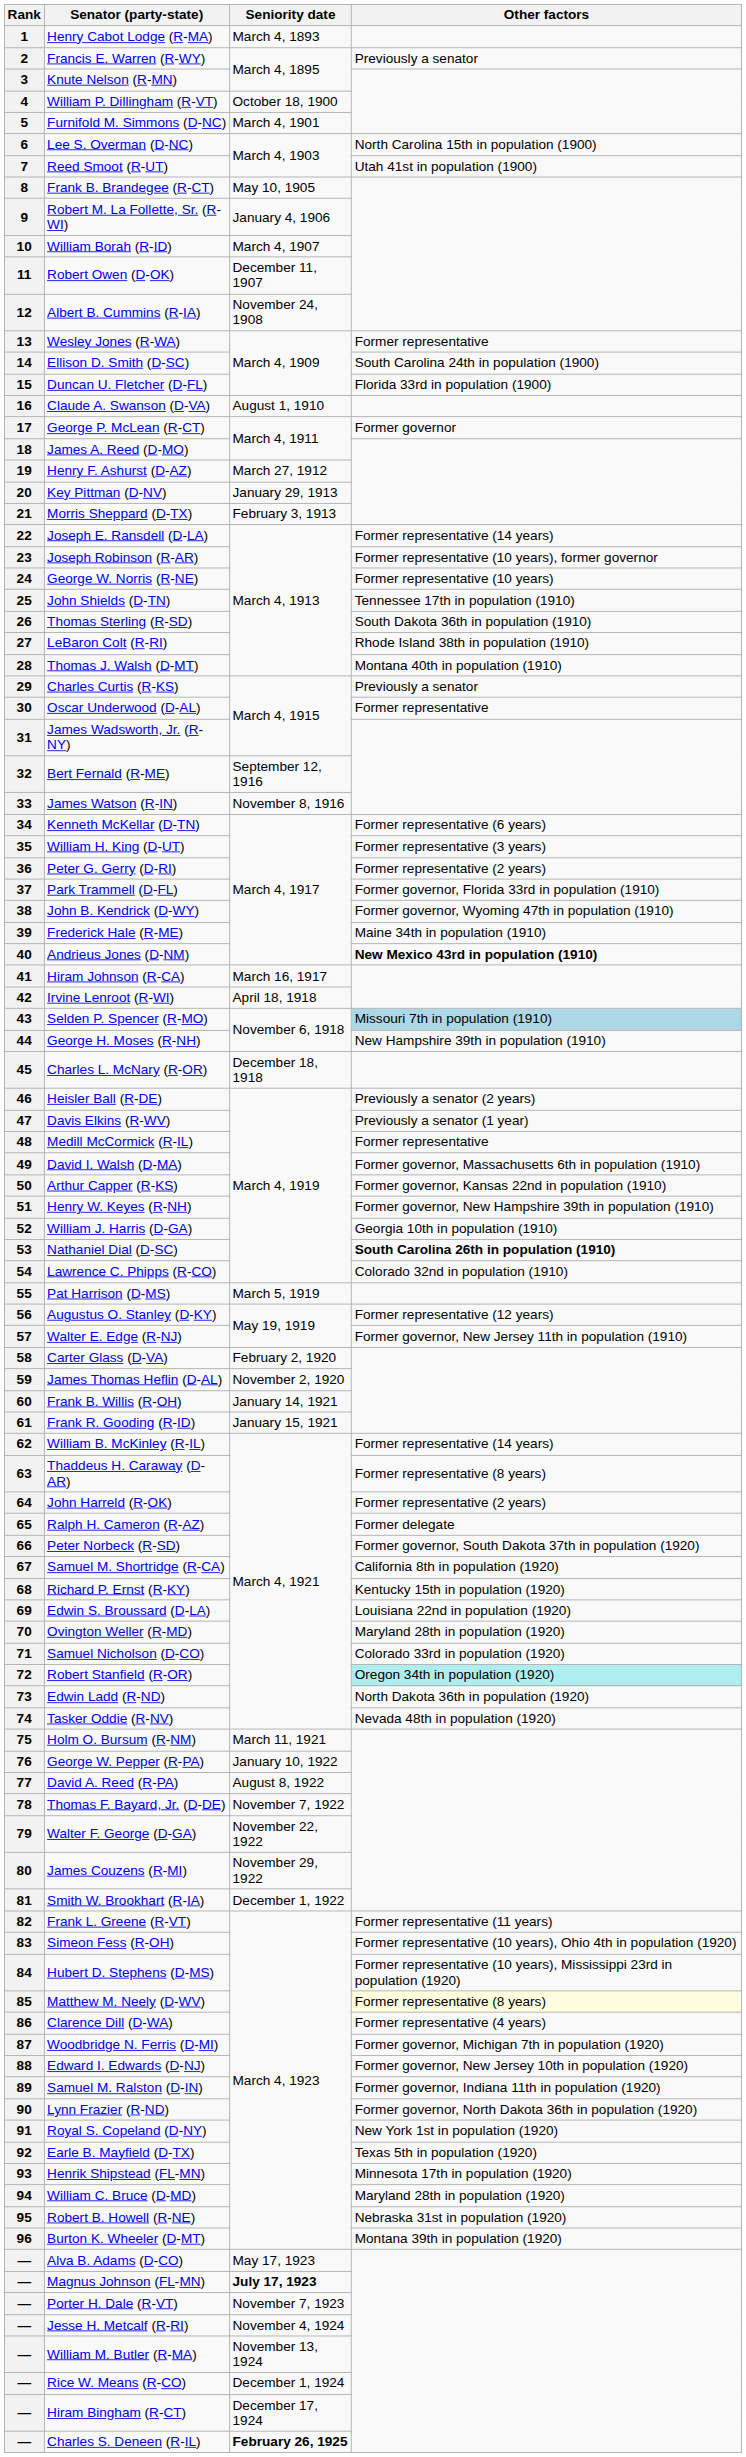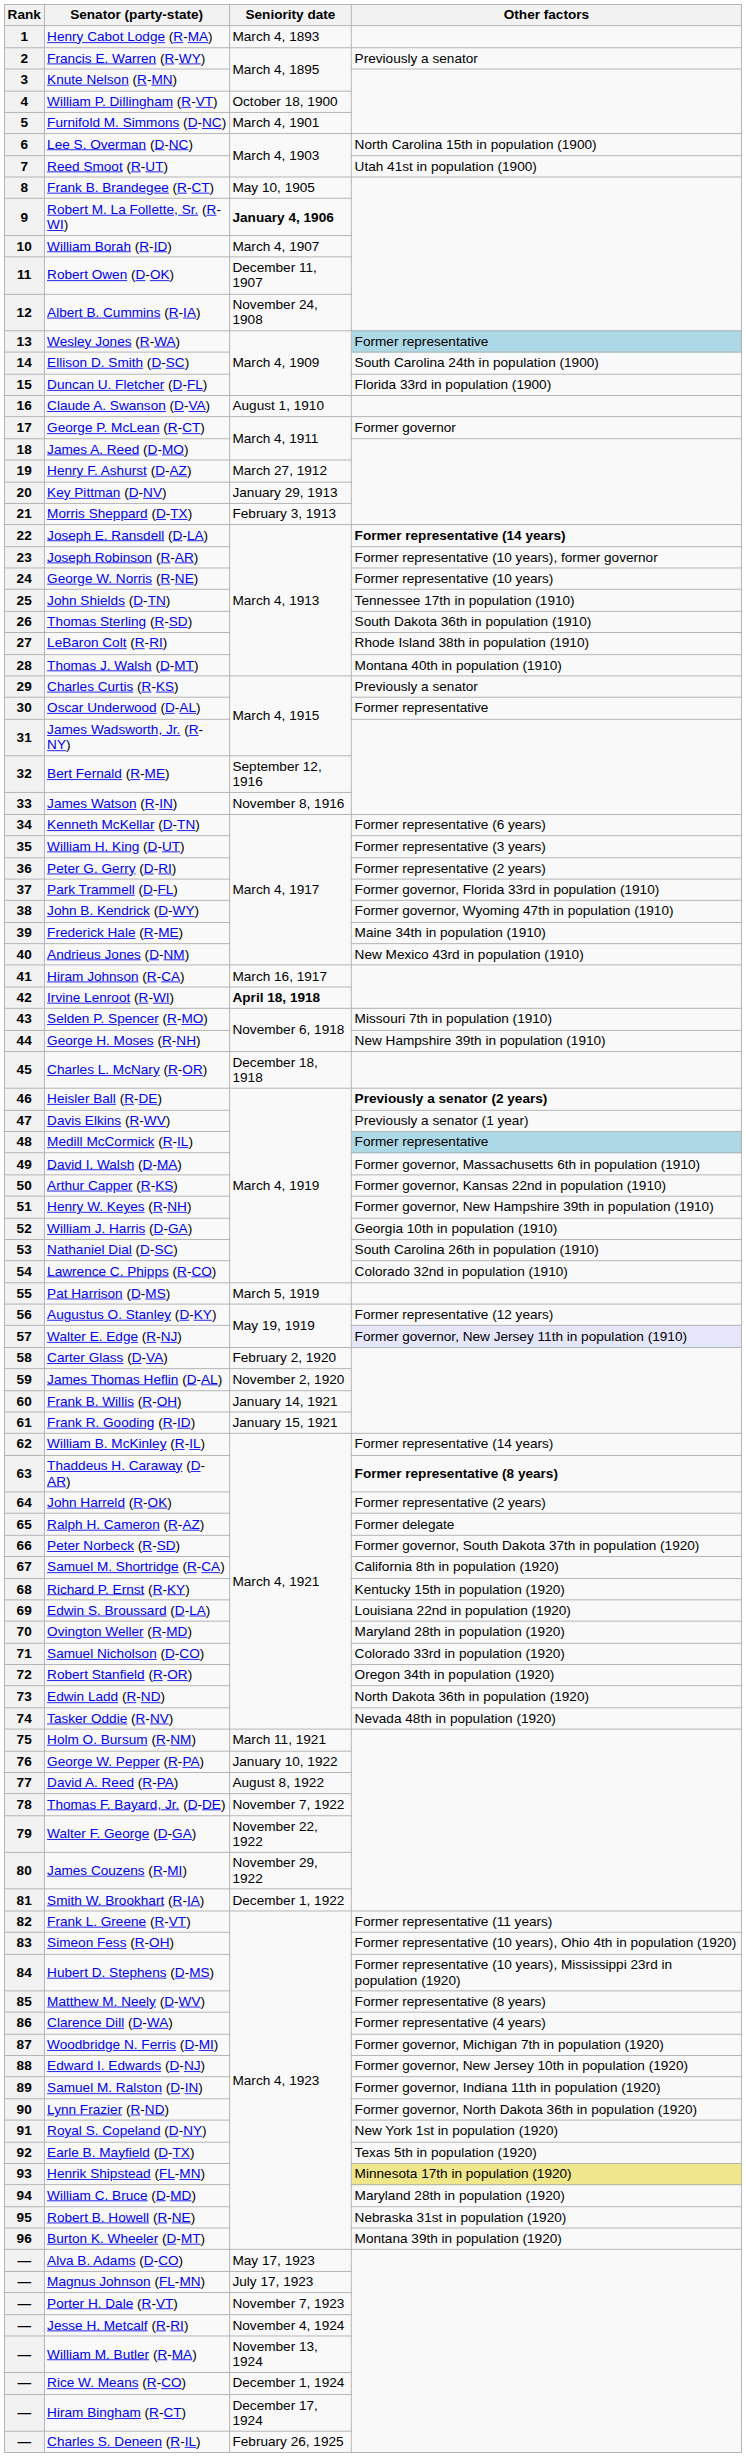 <table class=wikitable>
 <tr valign=bottom>
 <th>Rank</th>
 <th>Senator (party-state)</th>
 <th>Seniority date</th>
 <th>Other factors</th>
 </tr>
 <tr>
 <th>1</th>
 <td><a href='#'>Henry Cabot Lodge</a> (<a href='#'>R</a>-<a href='#'>MA</a>)</td>
 <td>March 4, 1893</td>
 <td></td>
 </tr>
 <tr>
 <th>2</th>
 <td><a href='#'>Francis E. Warren</a> (<a href='#'>R</a>-<a href='#'>WY</a>)</td>
 <td rowspan=2>March 4, 1895</td>
 <td>Previously a senator</td>
 </tr>
 <tr>
 <th>3</th>
 <td><a href='#'>Knute Nelson</a> (<a href='#'>R</a>-<a href='#'>MN</a>)</td>
 <td rowspan=3> </td>
 </tr>
 <tr>
 <th>4</th>
 <td><a href='#'>William P. Dillingham</a> (<a href='#'>R</a>-<a href='#'>VT</a>)</td>
 <td>October 18, 1900</td>
 </tr>
 <tr>
 <th>5</th>
 <td><a href='#'>Furnifold M. Simmons</a> (<a href='#'>D</a>-<a href='#'>NC</a>)</td>
 <td>March 4, 1901</td>
 </tr>
 <tr>
 <th>6</th>
 <td><a href='#'>Lee S. Overman</a> (<a href='#'>D</a>-<a href='#'>NC</a>)</td>
 <td rowspan=2>March 4, 1903</td>
 <td>North Carolina 15th in population (1900)</td>
 </tr>
 <tr>
 <th>7</th>
 <td><a href='#'>Reed Smoot</a> (<a href='#'>R</a>-<a href='#'>UT</a>)</td>
 <td>Utah 41st in population (1900)</td>
 </tr>
 <tr>
 <th>8</th>
 <td><a href='#'>Frank B. Brandegee</a> (<a href='#'>R</a>-<a href='#'>CT</a>)</td>
 <td>May 10, 1905</td>
 <td rowspan=5> </td>
 </tr>
 <tr>
 <th>9</th>
 <td><a href='#'>Robert M. La Follette, Sr.</a> (<a href='#'>R</a>-<a href='#'>WI</a>)</td>
-<td>January 4, 1906</td>
+<td><strong>January 4, 1906</strong></td>
 </tr>
 <tr>
 <th>10</th>
 <td><a href='#'>William Borah</a> (<a href='#'>R</a>-<a href='#'>ID</a>)</td>
 <td>March 4, 1907</td>
 </tr>
 <tr>
 <th>11</th>
 <td><a href='#'>Robert Owen</a> (<a href='#'>D</a>-<a href='#'>OK</a>)</td>
 <td>December 11, 1907</td>
 </tr>
 <tr>
 <th>12</th>
 <td><a href='#'>Albert B. Cummins</a> (<a href='#'>R</a>-<a href='#'>IA</a>)</td>
 <td>November 24, 1908</td>
 </tr>
 <tr>
 <th>13</th>
 <td><a href='#'>Wesley Jones</a> (<a href='#'>R</a>-<a href='#'>WA</a>)</td>
 <td rowspan=3>March 4, 1909</td>
-<td>Former representative</td>
+<td style="background: lightblue;">Former representative</td>
 </tr>
 <tr>
 <th>14</th>
 <td><a href='#'>Ellison D. Smith</a> (<a href='#'>D</a>-<a href='#'>SC</a>)</td>
 <td>South Carolina 24th in population (1900)</td>
 </tr>
 <tr>
 <th>15</th>
 <td><a href='#'>Duncan U. Fletcher</a> (<a href='#'>D</a>-<a href='#'>FL</a>)</td>
 <td>Florida 33rd in population (1900)</td>
 </tr>
 <tr>
 <th>16</th>
 <td><a href='#'>Claude A. Swanson</a> (<a href='#'>D</a>-<a href='#'>VA</a>)</td>
 <td>August 1, 1910</td>
 <td></td>
 </tr>
 <tr>
 <th>17</th>
 <td><a href='#'>George P. McLean</a> (<a href='#'>R</a>-<a href='#'>CT</a>)</td>
 <td rowspan=2>March 4, 1911</td>
 <td>Former governor</td>
 </tr>
 <tr>
 <th>18</th>
 <td><a href='#'>James A. Reed</a> (<a href='#'>D</a>-<a href='#'>MO</a>)</td>
 <td rowspan=4> </td>
 </tr>
 <tr>
 <th>19</th>
 <td><a href='#'>Henry F. Ashurst</a> (<a href='#'>D</a>-<a href='#'>AZ</a>)</td>
 <td>March 27, 1912</td>
 </tr>
 <tr>
 <th>20</th>
 <td><a href='#'>Key Pittman</a> (<a href='#'>D</a>-<a href='#'>NV</a>)</td>
 <td>January 29, 1913</td>
 </tr>
 <tr>
 <th>21</th>
 <td><a href='#'>Morris Sheppard</a> (<a href='#'>D</a>-<a href='#'>TX</a>)</td>
 <td>February 3, 1913</td>
 </tr>
 <tr>
 <th>22</th>
 <td><a href='#'>Joseph E. Ransdell</a> (<a href='#'>D</a>-<a href='#'>LA</a>)</td>
 <td rowspan=7>March 4, 1913</td>
-<td>Former representative (14 years)</td>
+<td><strong>Former representative (14 years)</strong></td>
 </tr>
 <tr>
 <th>23</th>
 <td><a href='#'>Joseph Robinson</a> (<a href='#'>R</a>-<a href='#'>AR</a>)</td>
 <td>Former representative (10 years), former governor</td>
 </tr>
 <tr>
 <th>24</th>
 <td><a href='#'>George W. Norris</a> (<a href='#'>R</a>-<a href='#'>NE</a>)</td>
 <td>Former representative (10 years)</td>
 </tr>
 <tr>
 <th>25</th>
 <td><a href='#'>John Shields</a> (<a href='#'>D</a>-<a href='#'>TN</a>)</td>
 <td>Tennessee 17th in population (1910)</td>
 </tr>
 <tr>
 <th>26</th>
 <td><a href='#'>Thomas Sterling</a> (<a href='#'>R</a>-<a href='#'>SD</a>)</td>
 <td>South Dakota 36th in population (1910)</td>
 </tr>
 <tr>
 <th>27</th>
 <td><a href='#'>LeBaron Colt</a> (<a href='#'>R</a>-<a href='#'>RI</a>)</td>
 <td>Rhode Island 38th in population (1910)</td>
 </tr>
 <tr>
 <th>28</th>
 <td><a href='#'>Thomas J. Walsh</a> (<a href='#'>D</a>-<a href='#'>MT</a>)</td>
 <td>Montana 40th in population (1910)</td>
 </tr>
 <tr>
 <th>29</th>
 <td><a href='#'>Charles Curtis</a> (<a href='#'>R</a>-<a href='#'>KS</a>)</td>
 <td rowspan=3>March 4, 1915</td>
 <td>Previously a senator</td>
 </tr>
 <tr>
 <th>30</th>
 <td><a href='#'>Oscar Underwood</a> (<a href='#'>D</a>-<a href='#'>AL</a>)</td>
 <td>Former representative</td>
 </tr>
 <tr>
 <th>31</th>
 <td><a href='#'>James Wadsworth, Jr.</a> (<a href='#'>R</a>-<a href='#'>NY</a>)</td>
 <td rowspan=3> </td>
 </tr>
 <tr>
 <th>32</th>
 <td><a href='#'>Bert Fernald</a> (<a href='#'>R</a>-<a href='#'>ME</a>)</td>
 <td>September 12, 1916</td>
 </tr>
 <tr>
 <th>33</th>
 <td><a href='#'>James Watson</a> (<a href='#'>R</a>-<a href='#'>IN</a>)</td>
 <td>November 8, 1916</td>
 </tr>
 <tr>
 <th>34</th>
 <td><a href='#'>Kenneth McKellar</a> (<a href='#'>D</a>-<a href='#'>TN</a>)</td>
 <td rowspan=7>March 4, 1917</td>
 <td>Former representative (6 years)</td>
 </tr>
 <tr>
 <th>35</th>
 <td><a href='#'>William H. King</a> (<a href='#'>D</a>-<a href='#'>UT</a>)</td>
 <td>Former representative (3 years)</td>
 </tr>
 <tr>
 <th>36</th>
 <td><a href='#'>Peter G. Gerry</a> (<a href='#'>D</a>-<a href='#'>RI</a>)</td>
 <td>Former representative (2 years)</td>
 </tr>
 <tr>
 <th>37</th>
 <td><a href='#'>Park Trammell</a> (<a href='#'>D</a>-<a href='#'>FL</a>)</td>
 <td>Former governor, Florida 33rd in population (1910)</td>
 </tr>
 <tr>
 <th>38</th>
 <td><a href='#'>John B. Kendrick</a> (<a href='#'>D</a>-<a href='#'>WY</a>)</td>
 <td>Former governor, Wyoming 47th in population (1910)</td>
 </tr>
 <tr>
 <th>39</th>
 <td><a href='#'>Frederick Hale</a> (<a href='#'>R</a>-<a href='#'>ME</a>)</td>
 <td>Maine 34th in population (1910)</td>
 </tr>
 <tr>
 <th>40</th>
 <td><a href='#'>Andrieus Jones</a> (<a href='#'>D</a>-<a href='#'>NM</a>)</td>
-<td><strong>New Mexico 43rd in population (1910)</strong></td>
+<td>New Mexico 43rd in population (1910)</td>
 </tr>
 <tr>
 <th>41</th>
 <td><a href='#'>Hiram Johnson</a> (<a href='#'>R</a>-<a href='#'>CA</a>)</td>
 <td>March 16, 1917</td>
 <td rowspan=2></td>
 </tr>
 <tr>
 <th>42</th>
 <td><a href='#'>Irvine Lenroot</a> (<a href='#'>R</a>-<a href='#'>WI</a>)</td>
-<td>April 18, 1918</td>
+<td><strong>April 18, 1918</strong></td>
 </tr>
 <tr>
 <th>43</th>
 <td><a href='#'>Selden P. Spencer</a> (<a href='#'>R</a>-<a href='#'>MO</a>)</td>
 <td rowspan=2>November 6, 1918</td>
-<td style="background: lightblue;">Missouri 7th in population (1910)</td>
+<td>Missouri 7th in population (1910)</td>
 </tr>
 <tr>
 <th>44</th>
 <td><a href='#'>George H. Moses</a> (<a href='#'>R</a>-<a href='#'>NH</a>)</td>
 <td>New Hampshire 39th in population (1910)</td>
 </tr>
 <tr>
 <th>45</th>
 <td><a href='#'>Charles L. McNary</a> (<a href='#'>R</a>-<a href='#'>OR</a>)</td>
 <td>December 18, 1918</td>
 <td></td>
 </tr>
 <tr>
 <th>46</th>
 <td><a href='#'>Heisler Ball</a> (<a href='#'>R</a>-<a href='#'>DE</a>)</td>
 <td rowspan=9>March 4, 1919</td>
-<td>Previously a senator (2 years)</td>
+<td><strong>Previously a senator (2 years)</strong></td>
 </tr>
 <tr>
 <th>47</th>
 <td><a href='#'>Davis Elkins</a> (<a href='#'>R</a>-<a href='#'>WV</a>)</td>
 <td>Previously a senator (1 year)</td>
 </tr>
 <tr>
 <th>48</th>
 <td><a href='#'>Medill McCormick</a> (<a href='#'>R</a>-<a href='#'>IL</a>)</td>
-<td>Former representative</td>
+<td style="background: lightblue;">Former representative</td>
 </tr>
 <tr>
 <th>49</th>
 <td><a href='#'>David I. Walsh</a> (<a href='#'>D</a>-<a href='#'>MA</a>)</td>
 <td>Former governor, Massachusetts 6th in population (1910)</td>
 </tr>
 <tr>
 <th>50</th>
 <td><a href='#'>Arthur Capper</a> (<a href='#'>R</a>-<a href='#'>KS</a>)</td>
 <td>Former governor, Kansas 22nd in population (1910)</td>
 </tr>
 <tr>
 <th>51</th>
 <td><a href='#'>Henry W. Keyes</a> (<a href='#'>R</a>-<a href='#'>NH</a>)</td>
 <td>Former governor, New Hampshire 39th in population (1910)</td>
 </tr>
 <tr>
 <th>52</th>
 <td><a href='#'>William J. Harris</a> (<a href='#'>D</a>-<a href='#'>GA</a>)</td>
 <td>Georgia 10th in population (1910)</td>
 </tr>
 <tr>
 <th>53</th>
 <td><a href='#'>Nathaniel Dial</a> (<a href='#'>D</a>-<a href='#'>SC</a>)</td>
-<td><strong>South Carolina 26th in population (1910)</strong></td>
+<td>South Carolina 26th in population (1910)</td>
 </tr>
 <tr>
 <th>54</th>
 <td><a href='#'>Lawrence C. Phipps</a> (<a href='#'>R</a>-<a href='#'>CO</a>)</td>
 <td>Colorado 32nd in population (1910)</td>
 </tr>
 <tr>
 <th>55</th>
 <td><a href='#'>Pat Harrison</a> (<a href='#'>D</a>-<a href='#'>MS</a>)</td>
 <td>March 5, 1919</td>
 <td></td>
 </tr>
 <tr>
 <th>56</th>
 <td><a href='#'>Augustus O. Stanley</a> (<a href='#'>D</a>-<a href='#'>KY</a>)</td>
 <td rowspan=2>May 19, 1919</td>
 <td>Former representative (12 years)</td>
 </tr>
 <tr>
 <th>57</th>
 <td><a href='#'>Walter E. Edge</a> (<a href='#'>R</a>-<a href='#'>NJ</a>)</td>
-<td>Former governor, New Jersey 11th in population (1910)</td>
+<td style="background: lavender;">Former governor, New Jersey 11th in population (1910)</td>
 </tr>
 <tr>
 <th>58</th>
 <td><a href='#'>Carter Glass</a> (<a href='#'>D</a>-<a href='#'>VA</a>)</td>
 <td>February 2, 1920</td>
 <td rowspan=4></td>
 </tr>
 <tr>
 <th>59</th>
 <td><a href='#'>James Thomas Heflin</a> (<a href='#'>D</a>-<a href='#'>AL</a>)</td>
 <td>November 2, 1920</td>
 </tr>
 <tr>
 <th>60</th>
 <td><a href='#'>Frank B. Willis</a> (<a href='#'>R</a>-<a href='#'>OH</a>)</td>
 <td>January 14, 1921</td>
 </tr>
 <tr>
 <th>61</th>
 <td><a href='#'>Frank R. Gooding</a> (<a href='#'>R</a>-<a href='#'>ID</a>)</td>
 <td>January 15, 1921</td>
 </tr>
 <tr>
 <th>62</th>
 <td><a href='#'>William B. McKinley</a> (<a href='#'>R</a>-<a href='#'>IL</a>)</td>
 <td rowspan=13>March 4, 1921</td>
 <td>Former representative (14 years)</td>
 </tr>
 <tr>
 <th>63</th>
 <td><a href='#'>Thaddeus H. Caraway</a> (<a href='#'>D</a>-<a href='#'>AR</a>)</td>
-<td>Former representative (8 years)</td>
+<td><strong>Former representative (8 years)</strong></td>
 </tr>
 <tr>
 <th>64</th>
 <td><a href='#'>John Harreld</a> (<a href='#'>R</a>-<a href='#'>OK</a>)</td>
 <td>Former representative (2 years)</td>
 </tr>
 <tr>
 <th>65</th>
 <td><a href='#'>Ralph H. Cameron</a> (<a href='#'>R</a>-<a href='#'>AZ</a>)</td>
 <td>Former delegate</td>
 </tr>
 <tr>
 <th>66</th>
 <td><a href='#'>Peter Norbeck</a> (<a href='#'>R</a>-<a href='#'>SD</a>)</td>
 <td>Former governor, South Dakota 37th in population (1920)</td>
 </tr>
 <tr>
 <th>67</th>
 <td><a href='#'>Samuel M. Shortridge</a> (<a href='#'>R</a>-<a href='#'>CA</a>)</td>
 <td>California 8th in population (1920)</td>
 </tr>
 <tr>
 <th>68</th>
 <td><a href='#'>Richard P. Ernst</a> (<a href='#'>R</a>-<a href='#'>KY</a>)</td>
 <td>Kentucky 15th in population (1920)</td>
 </tr>
 <tr>
 <th>69</th>
 <td><a href='#'>Edwin S. Broussard</a> (<a href='#'>D</a>-<a href='#'>LA</a>)</td>
 <td>Louisiana 22nd in population (1920)</td>
 </tr>
 <tr>
 <th>70</th>
 <td><a href='#'>Ovington Weller</a> (<a href='#'>R</a>-<a href='#'>MD</a>)</td>
 <td>Maryland 28th in population (1920)</td>
 </tr>
 <tr>
 <th>71</th>
 <td><a href='#'>Samuel Nicholson</a> (<a href='#'>D</a>-<a href='#'>CO</a>)</td>
 <td>Colorado 33rd in population (1920)</td>
 </tr>
 <tr>
 <th>72</th>
 <td><a href='#'>Robert Stanfield</a> (<a href='#'>R</a>-<a href='#'>OR</a>)</td>
-<td style="background: paleturquoise;">Oregon 34th in population (1920)</td>
+<td>Oregon 34th in population (1920)</td>
 </tr>
 <tr>
 <th>73</th>
 <td><a href='#'>Edwin Ladd</a> (<a href='#'>R</a>-<a href='#'>ND</a>)</td>
 <td>North Dakota 36th in population (1920)</td>
 </tr>
 <tr>
 <th>74</th>
 <td><a href='#'>Tasker Oddie</a> (<a href='#'>R</a>-<a href='#'>NV</a>)</td>
 <td>Nevada 48th in population (1920)</td>
 </tr>
 <tr>
 <th>75</th>
 <td><a href='#'>Holm O. Bursum</a> (<a href='#'>R</a>-<a href='#'>NM</a>)</td>
 <td>March 11, 1921</td>
 <td rowspan=7></td>
 </tr>
 <tr>
 <th>76</th>
 <td><a href='#'>George W. Pepper</a> (<a href='#'>R</a>-<a href='#'>PA</a>)</td>
 <td>January 10, 1922</td>
 </tr>
 <tr>
 <th>77</th>
 <td><a href='#'>David A. Reed</a> (<a href='#'>R</a>-<a href='#'>PA</a>)</td>
 <td>August 8, 1922</td>
 </tr>
 <tr>
 <th>78</th>
 <td><a href='#'>Thomas F. Bayard, Jr.</a> (<a href='#'>D</a>-<a href='#'>DE</a>)</td>
 <td>November 7, 1922</td>
 </tr>
 <tr>
 <th>79</th>
 <td><a href='#'>Walter F. George</a> (<a href='#'>D</a>-<a href='#'>GA</a>)</td>
 <td>November 22, 1922</td>
 </tr>
 <tr>
 <th>80</th>
 <td><a href='#'>James Couzens</a> (<a href='#'>R</a>-<a href='#'>MI</a>)</td>
 <td>November 29, 1922</td>
 </tr>
 <tr>
 <th>81</th>
 <td><a href='#'>Smith W. Brookhart</a> (<a href='#'>R</a>-<a href='#'>IA</a>)</td>
 <td>December 1, 1922</td>
 </tr>
 <tr>
 <th>82</th>
 <td><a href='#'>Frank L. Greene</a> (<a href='#'>R</a>-<a href='#'>VT</a>)</td>
 <td rowspan=15>March 4, 1923</td>
 <td>Former representative (11 years)</td>
 </tr>
 <tr>
 <th>83</th>
 <td><a href='#'>Simeon Fess</a> (<a href='#'>R</a>-<a href='#'>OH</a>)</td>
 <td>Former representative (10 years), Ohio 4th in population (1920)</td>
 </tr>
 <tr>
 <th>84</th>
 <td><a href='#'>Hubert D. Stephens</a> (<a href='#'>D</a>-<a href='#'>MS</a>)</td>
 <td>Former representative (10 years), Mississippi 23rd in population (1920)</td>
 </tr>
 <tr>
 <th>85</th>
 <td><a href='#'>Matthew M. Neely</a> (<a href='#'>D</a>-<a href='#'>WV</a>)</td>
-<td style="background: lightyellow;">Former representative (8 years)</td>
+<td>Former representative (8 years)</td>
 </tr>
 <tr>
 <th>86</th>
 <td><a href='#'>Clarence Dill</a> (<a href='#'>D</a>-<a href='#'>WA</a>)</td>
 <td>Former representative (4 years)</td>
 </tr>
 <tr>
 <th>87</th>
 <td><a href='#'>Woodbridge N. Ferris</a> (<a href='#'>D</a>-<a href='#'>MI</a>)</td>
 <td>Former governor, Michigan 7th in population (1920)</td>
 </tr>
 <tr>
 <th>88</th>
 <td><a href='#'>Edward I. Edwards</a> (<a href='#'>D</a>-<a href='#'>NJ</a>)</td>
 <td>Former governor, New Jersey 10th in population (1920)</td>
 </tr>
 <tr>
 <th>89</th>
 <td><a href='#'>Samuel M. Ralston</a> (<a href='#'>D</a>-<a href='#'>IN</a>)</td>
 <td>Former governor, Indiana 11th in population (1920)</td>
 </tr>
 <tr>
 <th>90</th>
 <td><a href='#'>Lynn Frazier</a> (<a href='#'>R</a>-<a href='#'>ND</a>)</td>
 <td>Former governor, North Dakota 36th in population (1920)</td>
 </tr>
 <tr>
 <th>91</th>
 <td><a href='#'>Royal S. Copeland</a> (<a href='#'>D</a>-<a href='#'>NY</a>)</td>
 <td>New York 1st in population (1920)</td>
 </tr>
 <tr>
 <th>92</th>
 <td><a href='#'>Earle B. Mayfield</a> (<a href='#'>D</a>-<a href='#'>TX</a>)</td>
 <td>Texas 5th in population (1920)</td>
 </tr>
 <tr>
 <th>93</th>
 <td><a href='#'>Henrik Shipstead</a> (<a href='#'>FL</a>-<a href='#'>MN</a>)</td>
-<td>Minnesota 17th in population (1920)</td>
+<td style="background: khaki;">Minnesota 17th in population (1920)</td>
 </tr>
 <tr>
 <th>94</th>
 <td><a href='#'>William C. Bruce</a> (<a href='#'>D</a>-<a href='#'>MD</a>)</td>
 <td>Maryland 28th in population (1920)</td>
 </tr>
 <tr>
 <th>95</th>
 <td><a href='#'>Robert B. Howell</a> (<a href='#'>R</a>-<a href='#'>NE</a>)</td>
 <td>Nebraska 31st in population (1920)</td>
 </tr>
 <tr>
 <th>96</th>
 <td><a href='#'>Burton K. Wheeler</a> (<a href='#'>D</a>-<a href='#'>MT</a>)</td>
 <td>Montana 39th in population (1920)</td>
 </tr>
 <tr>
 <th>—</th>
 <td><a href='#'>Alva B. Adams</a> (<a href='#'>D</a>-<a href='#'>CO</a>)</td>
 <td>May 17, 1923</td>
 <td rowspan=8> </td>
 </tr>
 <tr>
 <th>—</th>
 <td><a href='#'>Magnus Johnson</a> (<a href='#'>FL</a>-<a href='#'>MN</a>)</td>
-<td><strong>July 17, 1923</strong></td>
+<td>July 17, 1923</td>
 </tr>
 <tr>
 <th>—</th>
 <td><a href='#'>Porter H. Dale</a> (<a href='#'>R</a>-<a href='#'>VT</a>)</td>
 <td>November 7, 1923</td>
 </tr>
 <tr>
 <th>—</th>
 <td><a href='#'>Jesse H. Metcalf</a> (<a href='#'>R</a>-<a href='#'>RI</a>)</td>
 <td>November 4, 1924</td>
 </tr>
 <tr>
 <th>—</th>
 <td><a href='#'>William M. Butler</a> (<a href='#'>R</a>-<a href='#'>MA</a>)</td>
 <td>November 13, 1924</td>
 </tr>
 <tr>
 <th>—</th>
 <td><a href='#'>Rice W. Means</a> (<a href='#'>R</a>-<a href='#'>CO</a>)</td>
 <td>December 1, 1924</td>
 </tr>
 <tr>
 <th>—</th>
 <td><a href='#'>Hiram Bingham</a> (<a href='#'>R</a>-<a href='#'>CT</a>)</td>
 <td>December 17, 1924</td>
 </tr>
 <tr>
 <th>—</th>
 <td><a href='#'>Charles S. Deneen</a> (<a href='#'>R</a>-<a href='#'>IL</a>)</td>
-<td><strong>February 26, 1925</strong></td>
+<td>February 26, 1925</td>
 </tr>
 </table>
